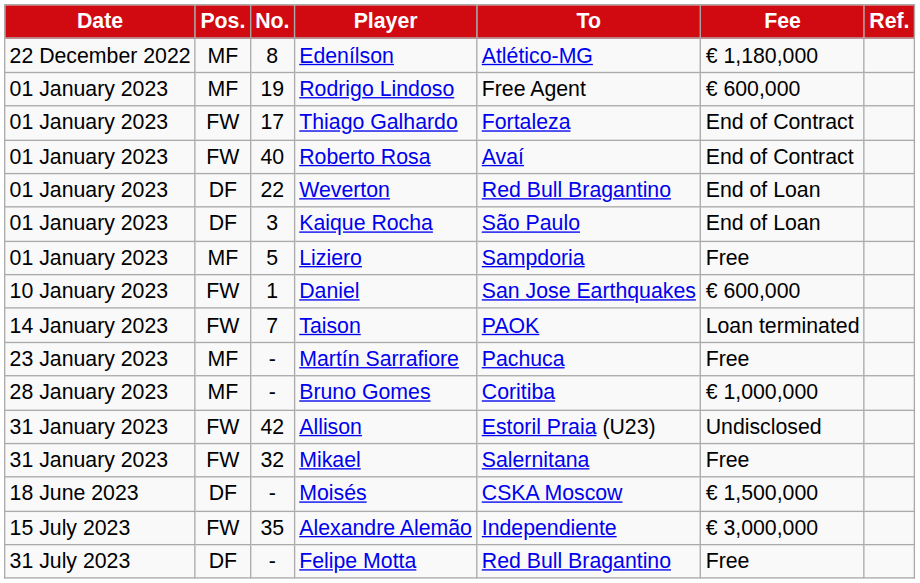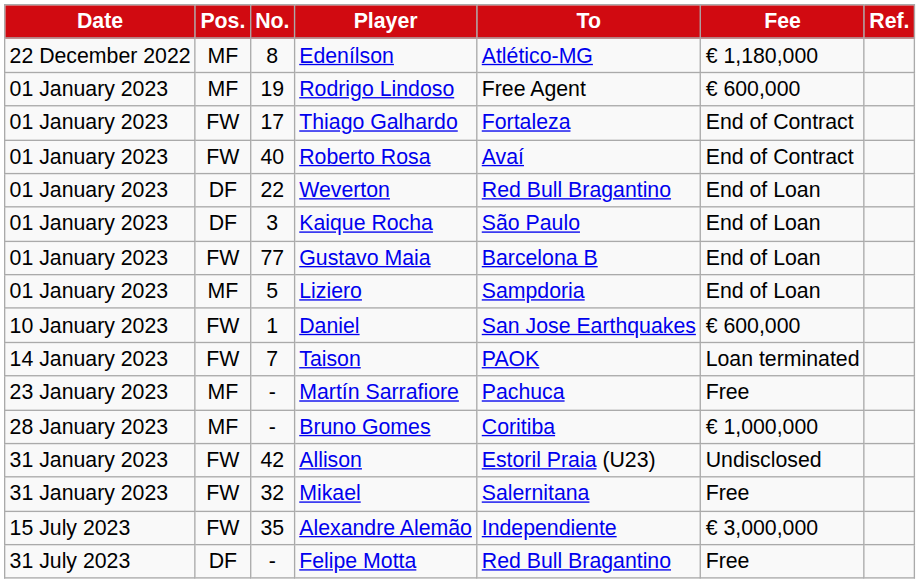 <table class="wikitable plainrowheaders sortable">
 <tr>
 <th style="background:#D10A11; color:#ffffff; ">Date</th>
 <th style="background:#D10A11; color:#ffffff; ">Pos.</th>
 <th style="background:#D10A11; color:#ffffff; ">No.</th>
 <th style="background:#D10A11; color:#ffffff; ">Player</th>
 <th style="background:#D10A11; color:#ffffff; ">To</th>
 <th style="background:#D10A11; color:#ffffff; ">Fee</th>
 <th style="background:#D10A11; color:#ffffff; ">Ref.</th>
 </tr>
 <tr>
 <td>22 December 2022</td>
 <td style="text-align:center;">MF</td>
 <td style="text-align:center;">8</td>
 <td style="text-align:left;"> <a href='#'>Edenílson</a></td>
 <td style="text-align:left;"> <a href='#'>Atlético-MG</a></td>
 <td>€ 1,180,000</td>
 <td></td>
 </tr>
 <tr>
 <td>01 January 2023</td>
 <td style="text-align:center;">MF</td>
 <td style="text-align:center;">19</td>
 <td> <a href='#'>Rodrigo Lindoso</a></td>
 <td>Free Agent</td>
 <td>€ 600,000</td>
 <td></td>
 </tr>
 <tr>
 <td>01 January 2023</td>
 <td style="text-align:center;">FW</td>
 <td style="text-align:center;">17</td>
 <td> <a href='#'>Thiago Galhardo</a></td>
 <td> <a href='#'>Fortaleza</a></td>
 <td>End of Contract</td>
 <td></td>
 </tr>
 <tr>
 <td>01 January 2023</td>
 <td style="text-align:center;">FW</td>
 <td style="text-align:center;">40</td>
 <td> <a href='#'>Roberto Rosa</a></td>
 <td> <a href='#'>Avaí</a></td>
 <td>End of Contract</td>
 <td></td>
 </tr>
 <tr>
 <td>01 January 2023</td>
 <td style="text-align:center;">DF</td>
 <td style="text-align:center;">22</td>
 <td> <a href='#'>Weverton</a></td>
 <td> <a href='#'>Red Bull Bragantino</a></td>
 <td>End of Loan</td>
 <td></td>
 </tr>
 <tr>
 <td>01 January 2023</td>
 <td style="text-align:center;">DF</td>
 <td style="text-align:center;">3</td>
 <td> <a href='#'>Kaique Rocha</a></td>
 <td> <a href='#'>São Paulo</a></td>
 <td>End of Loan</td>
 <td></td>
 </tr>
 <tr>
 <td>01 January 2023</td>
+<td style="text-align:center;">FW</td>
+<td style="text-align:center;">77</td>
+<td> <a href='#'>Gustavo Maia</a></td>
+<td> <a href='#'>Barcelona B</a></td>
+<td>End of Loan</td>
+<td></td>
+</tr>
+<tr>
+<td>01 January 2023</td>
 <td style="text-align:center;">MF</td>
 <td style="text-align:center;">5</td>
 <td> <a href='#'>Liziero</a></td>
 <td> <a href='#'>Sampdoria</a></td>
-<td>Free</td>
+<td>End of Loan</td>
 <td></td>
 </tr>
 <tr>
 <td>10 January 2023</td>
 <td style="text-align:center;">FW</td>
 <td style="text-align:center;">1</td>
 <td> <a href='#'>Daniel</a></td>
 <td> <a href='#'>San Jose Earthquakes</a></td>
 <td>€ 600,000</td>
 <td></td>
 </tr>
 <tr>
 <td>14 January 2023</td>
 <td style="text-align:center;">FW</td>
 <td style="text-align:center;">7</td>
 <td> <a href='#'>Taison</a></td>
 <td> <a href='#'>PAOK</a></td>
 <td>Loan terminated</td>
 <td></td>
 </tr>
 <tr>
 <td>23 January 2023</td>
 <td style="text-align:center;">MF</td>
 <td style="text-align:center;">-</td>
 <td> <a href='#'>Martín Sarrafiore</a></td>
 <td> <a href='#'>Pachuca</a></td>
 <td>Free</td>
 <td></td>
 </tr>
 <tr>
 <td>28 January 2023</td>
 <td style="text-align:center;">MF</td>
 <td style="text-align:center;">-</td>
 <td style="text-align:left;"> <a href='#'>Bruno Gomes</a></td>
 <td style="text-align:left;"> <a href='#'>Coritiba</a></td>
 <td>€ 1,000,000</td>
 <td></td>
 </tr>
 <tr>
 <td>31 January 2023</td>
 <td style="text-align:center;">FW</td>
 <td style="text-align:center;">42</td>
 <td> <a href='#'>Allison</a></td>
 <td> <a href='#'>Estoril Praia</a> (U23)</td>
 <td>Undisclosed</td>
 <td></td>
 </tr>
 <tr>
 <td>31 January 2023</td>
 <td style="text-align:center;">FW</td>
 <td style="text-align:center;">32</td>
 <td> <a href='#'>Mikael</a></td>
 <td> <a href='#'>Salernitana</a></td>
 <td>Free</td>
 <td></td>
 </tr>
 <tr>
-<td>18 June 2023</td>
-<td style="text-align:center;">DF</td>
-<td style="text-align:center;">-</td>
-<td> <a href='#'>Moisés</a></td>
-<td> <a href='#'>CSKA Moscow</a></td>
-<td>€ 1,500,000</td>
-<td></td>
-</tr>
-<tr>
 <td>15 July 2023</td>
 <td style="text-align:center;">FW</td>
 <td style="text-align:center;">35</td>
 <td> <a href='#'>Alexandre Alemão</a></td>
 <td> <a href='#'>Independiente</a></td>
 <td>€ 3,000,000</td>
 <td></td>
 </tr>
 <tr>
 <td>31 July 2023</td>
 <td style="text-align:center;">DF</td>
 <td style="text-align:center;">-</td>
 <td> <a href='#'>Felipe Motta</a></td>
 <td> <a href='#'>Red Bull Bragantino</a></td>
 <td>Free</td>
 <td></td>
 </tr>
 </table>
